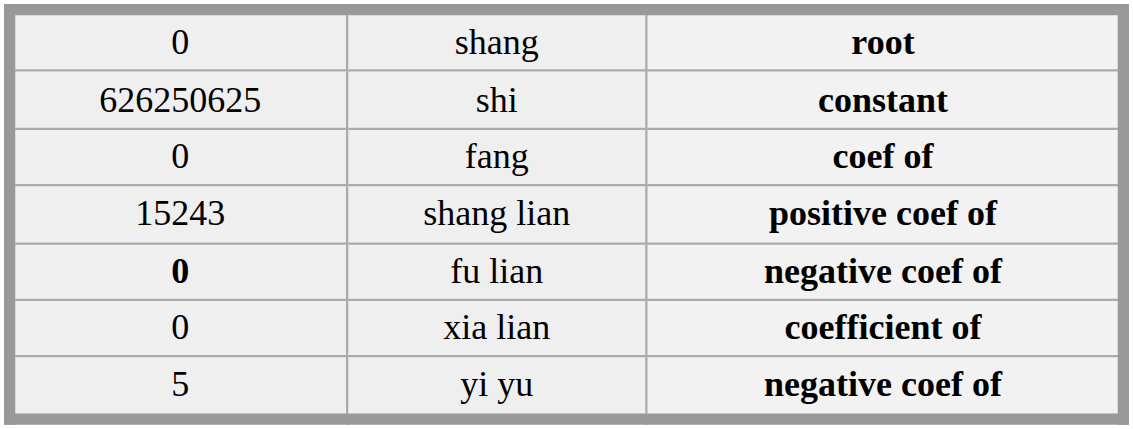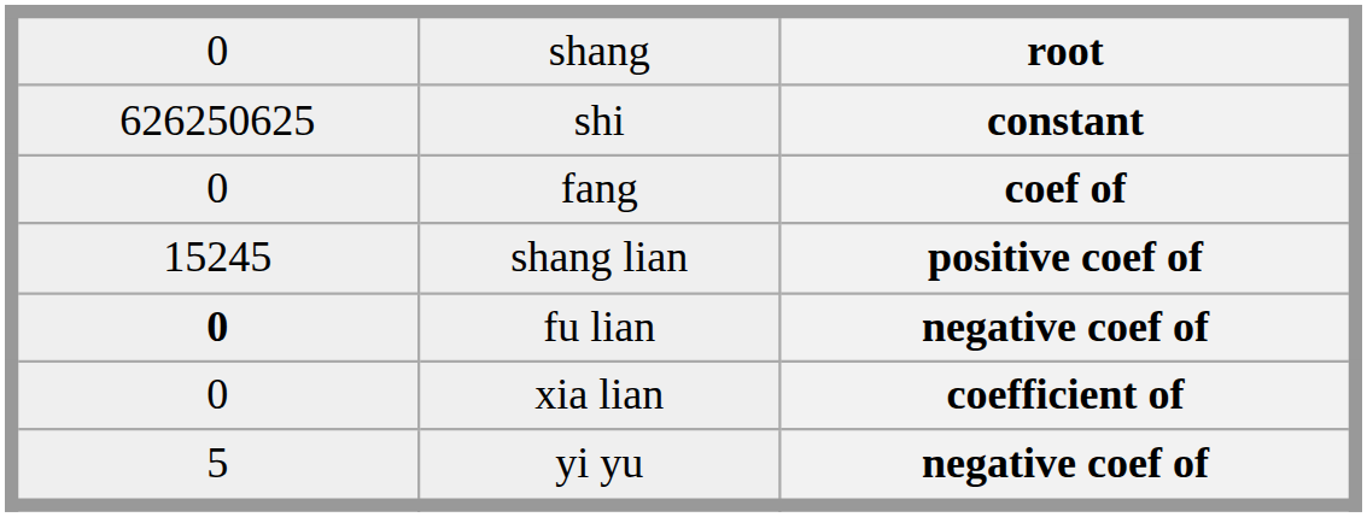 <table border="0" width="500" align="center" style="border: 5px solid #999; background-color:#FFFFFF" class="wikitable plainrowheaders">
 <tr align="center" bgcolor="#EFEFEF">
 <td>0</td>
 <td>shang</td>
 <th scope="row">root</th>
 </tr>
 <tr align="center" bgcolor="#EFEFEF">
 <td>626250625</td>
 <td>shi</td>
 <th scope="row">constant</th>
 </tr>
 <tr align="center" bgcolor="#EFEFEF">
 <td>0</td>
 <td>fang</td>
 <th scope="row">coef of </th>
 </tr>
 <tr align="center" bgcolor="#EFEFEF">
-<td>15243</td>
+<td>15245</td>
 <td>shang lian</td>
 <th scope="row">positive coef of </th>
 </tr>
 <tr align="center" bgcolor="#EFEFEF">
 <td><strong>0</strong></td>
 <td>fu lian</td>
 <th scope="row">negative coef of </th>
 </tr>
 <tr align="center" bgcolor="#EFEFEF">
 <td>0</td>
 <td>xia lian</td>
 <th scope="row">coefficient of </th>
 </tr>
 <tr align="center" bgcolor="#EFEFEF">
 <td>5</td>
 <td>yi yu</td>
 <th scope="row">negative coef of </th>
 </tr>
 </table>
